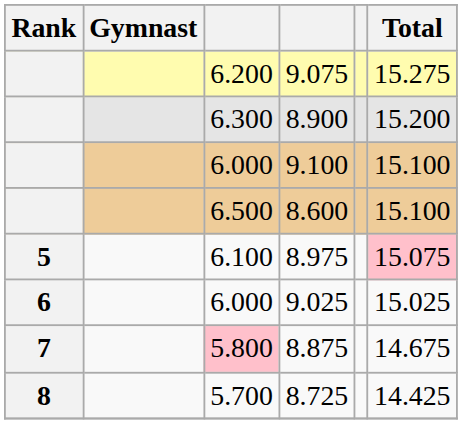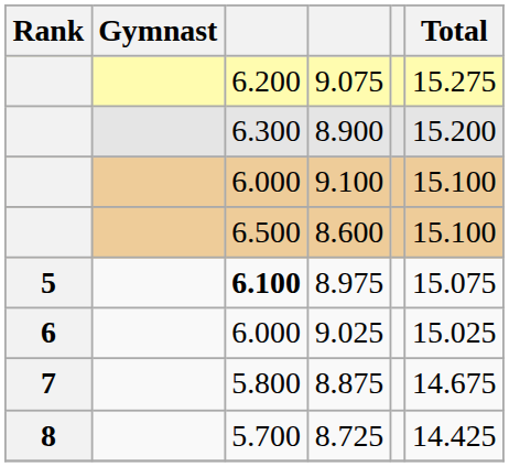 <table class="wikitable sortable" style="text-align:center; font-size:95%">
 <tr>
 <th scope=col>Rank</th>
 <th scope=col>Gymnast</th>
 <th scope=col></th>
 <th scope=col></th>
 <th scope=col></th>
 <th scope=col>Total</th>
 </tr>
 <tr bgcolor=fffcaf>
 <th scope=row></th>
 <td align=left></td>
 <td>6.200</td>
 <td>9.075</td>
 <td></td>
 <td>15.275</td>
 </tr>
 <tr bgcolor=e5e5e5>
 <th scope=row></th>
 <td align=left></td>
 <td>6.300</td>
 <td>8.900</td>
 <td></td>
 <td>15.200</td>
 </tr>
 <tr bgcolor=eecc99>
 <th scope=row></th>
 <td align=left></td>
 <td>6.000</td>
 <td>9.100</td>
 <td></td>
 <td>15.100</td>
 </tr>
 <tr bgcolor=eecc99>
 <th scope=row></th>
 <td align=left></td>
 <td>6.500</td>
 <td>8.600</td>
 <td></td>
 <td>15.100</td>
 </tr>
 <tr>
 <th scope=row>5</th>
 <td align=left></td>
-<td>6.100</td>
+<td><strong>6.100</strong></td>
 <td>8.975</td>
 <td></td>
-<td style="background: pink;">15.075</td>
+<td>15.075</td>
 </tr>
 <tr>
 <th scope=row>6</th>
 <td align=left></td>
 <td>6.000</td>
 <td>9.025</td>
 <td></td>
 <td>15.025</td>
 </tr>
 <tr>
 <th scope=row>7</th>
 <td align=left></td>
-<td style="background: pink;">5.800</td>
+<td>5.800</td>
 <td>8.875</td>
 <td></td>
 <td>14.675</td>
 </tr>
 <tr>
 <th scope=row>8</th>
 <td align=left></td>
 <td>5.700</td>
 <td>8.725</td>
 <td></td>
 <td>14.425</td>
 </tr>
 <tr>
 </tr>
 </table>
